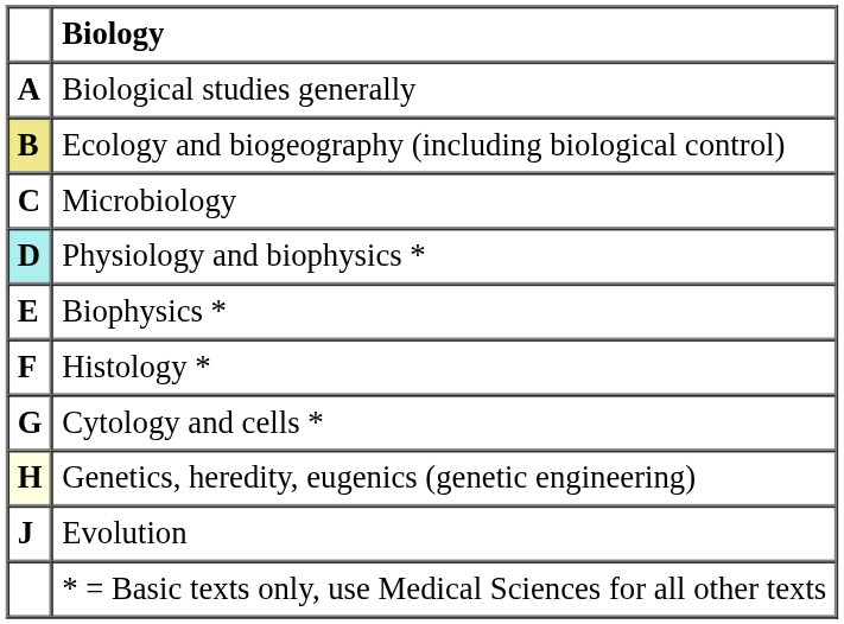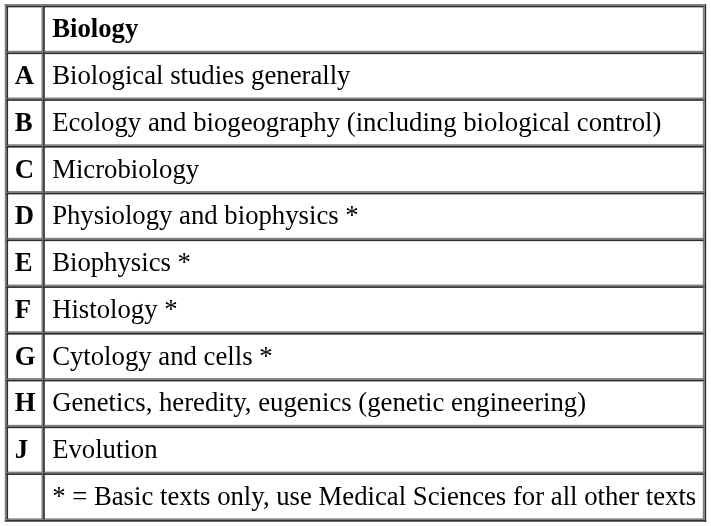 <table border="1" cellpadding="4" cellspacing="0" align="center">
 <tr>
 <td></td>
 <td><strong>Biology</strong></td>
 </tr>
 <tr>
 <td><strong>A</strong></td>
 <td>Biological studies generally</td>
 </tr>
 <tr>
-<td style="background: khaki;"><strong>B</strong></td>
+<td><strong>B</strong></td>
 <td>Ecology and biogeography (including biological control)</td>
 </tr>
 <tr>
 <td><strong>C</strong></td>
 <td>Microbiology</td>
 </tr>
 <tr>
-<td style="background: paleturquoise;"><strong>D</strong></td>
+<td><strong>D</strong></td>
 <td>Physiology and biophysics *</td>
 </tr>
 <tr>
 <td><strong>E</strong></td>
 <td>Biophysics *</td>
 </tr>
 <tr>
 <td><strong>F</strong></td>
 <td>Histology *</td>
 </tr>
 <tr>
 <td><strong>G</strong></td>
 <td>Cytology and cells *</td>
 </tr>
 <tr>
-<td style="background: lightyellow;"><strong>H</strong></td>
+<td><strong>H</strong></td>
 <td>Genetics, heredity, eugenics (genetic engineering)</td>
 </tr>
 <tr>
 <td><strong>J</strong></td>
 <td>Evolution</td>
 </tr>
 <tr>
 <td></td>
 <td>* = Basic texts only, use Medical Sciences for all other texts</td>
 </tr>
 </table>
